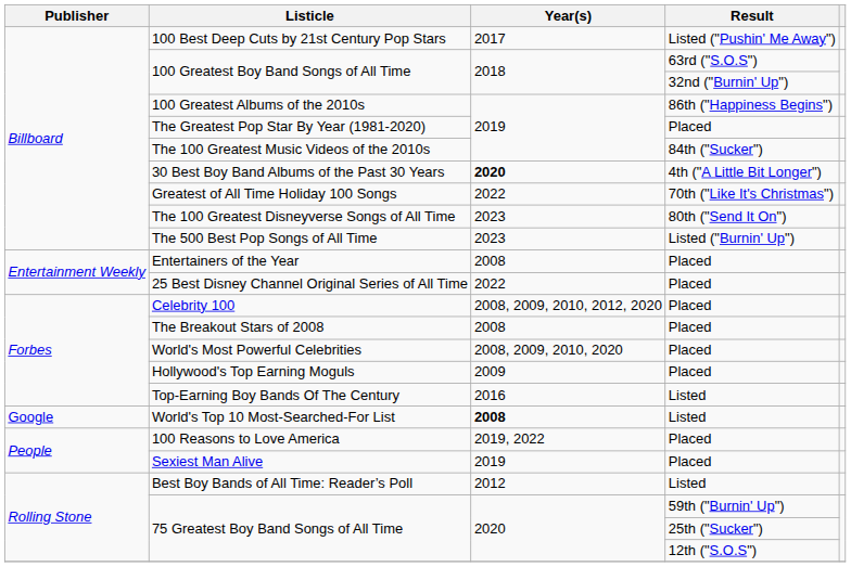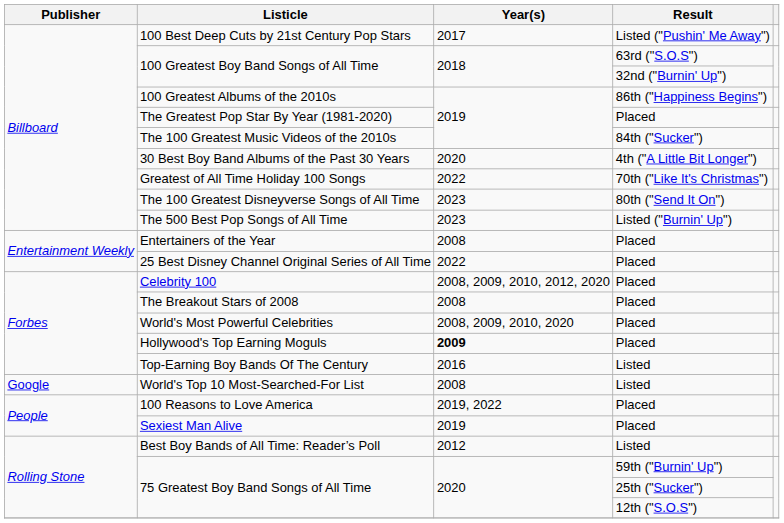 <table class="wikitable plainrowheaders sortable" style="margin-right: 0;">
 <tr>
 <th scope="col">Publisher</th>
 <th scope="col">Listicle</th>
 <th scope="col">Year(s)</th>
 <th scope="col">Result</th>
 <th scope="col" class="unsortable"></th>
 </tr>
 <tr>
 <td rowspan="10"><em><a href='#'>Billboard</a></em></td>
 <td>100 Best Deep Cuts by 21st Century Pop Stars</td>
 <td>2017</td>
 <td>Listed ("<a href='#'>Pushin' Me Away</a>")</td>
 <td></td>
 </tr>
 <tr>
 <td rowspan="2">100 Greatest Boy Band Songs of All Time</td>
 <td rowspan="2">2018</td>
 <td>63rd ("<a href='#'>S.O.S</a>")</td>
 <td rowspan="2"></td>
 </tr>
 <tr>
 <td>32nd ("<a href='#'>Burnin' Up</a>")</td>
 </tr>
 <tr>
 <td>100 Greatest Albums of the 2010s</td>
 <td rowspan="3">2019</td>
 <td>86th ("<a href='#'>Happiness Begins</a>")</td>
 <td></td>
 </tr>
 <tr>
 <td>The Greatest Pop Star By Year (1981-2020)</td>
 <td>Placed</td>
 <td></td>
 </tr>
 <tr>
 <td>The 100 Greatest Music Videos of the 2010s</td>
 <td>84th ("<a href='#'>Sucker</a>")</td>
 <td></td>
 </tr>
 <tr>
 <td>30 Best Boy Band Albums of the Past 30 Years</td>
-<td><strong>2020</strong></td>
+<td>2020</td>
 <td>4th ("<a href='#'>A Little Bit Longer</a>")</td>
 <td></td>
 </tr>
 <tr>
 <td>Greatest of All Time Holiday 100 Songs</td>
 <td>2022</td>
 <td>70th ("<a href='#'>Like It's Christmas</a>")</td>
 <td></td>
 </tr>
 <tr>
 <td>The 100 Greatest Disneyverse Songs of All Time</td>
 <td>2023</td>
 <td>80th ("<a href='#'>Send It On</a>")</td>
 <td></td>
 </tr>
 <tr>
 <td>The 500 Best Pop Songs of All Time</td>
 <td>2023</td>
 <td>Listed ("<a href='#'>Burnin' Up</a>")</td>
 <td></td>
 </tr>
 <tr>
 <td rowspan="2"><em><a href='#'>Entertainment Weekly</a></em></td>
 <td>Entertainers of the Year</td>
 <td>2008</td>
 <td>Placed</td>
 <td></td>
 </tr>
 <tr>
 <td>25 Best Disney Channel Original Series of All Time</td>
 <td>2022</td>
 <td>Placed</td>
 <td></td>
 </tr>
 <tr>
 <td rowspan="5"><em><a href='#'>Forbes</a></em></td>
 <td><a href='#'>Celebrity 100</a></td>
 <td>2008, 2009, 2010, 2012, 2020</td>
 <td>Placed</td>
 <td></td>
 </tr>
 <tr>
 <td>The Breakout Stars of 2008</td>
 <td>2008</td>
 <td>Placed</td>
 <td></td>
 </tr>
 <tr>
 <td>World's Most Powerful Celebrities</td>
 <td>2008, 2009, 2010, 2020</td>
 <td>Placed</td>
 <td></td>
 </tr>
 <tr>
 <td>Hollywood's Top Earning Moguls</td>
-<td>2009</td>
+<td><strong>2009</strong></td>
 <td>Placed</td>
 <td></td>
 </tr>
 <tr>
 <td>Top-Earning Boy Bands Of The Century</td>
 <td>2016</td>
 <td>Listed</td>
 <td></td>
 </tr>
 <tr>
 <td><a href='#'>Google</a></td>
 <td>World's Top 10 Most-Searched-For List</td>
-<td><strong>2008</strong></td>
+<td>2008</td>
 <td>Listed</td>
 <td></td>
 </tr>
 <tr>
 <td rowspan="2"><em><a href='#'>People</a></em></td>
 <td>100 Reasons to Love America</td>
 <td>2019, 2022</td>
 <td>Placed</td>
 <td></td>
 </tr>
 <tr>
 <td><a href='#'>Sexiest Man Alive</a></td>
 <td>2019</td>
 <td>Placed</td>
 <td></td>
 </tr>
 <tr>
 <td rowspan="4"><em><a href='#'>Rolling Stone</a></em></td>
 <td>Best Boy Bands of All Time: Reader’s Poll</td>
 <td>2012</td>
 <td>Listed</td>
 <td></td>
 </tr>
 <tr>
 <td rowspan="3">75 Greatest Boy Band Songs of All Time</td>
 <td rowspan="3">2020</td>
 <td>59th ("<a href='#'>Burnin' Up</a>")</td>
 <td rowspan="3"></td>
 </tr>
 <tr>
 <td>25th ("<a href='#'>Sucker</a>")</td>
 </tr>
 <tr>
 <td>12th ("<a href='#'>S.O.S</a>")</td>
 </tr>
 <tr>
 </tr>
 </table>
